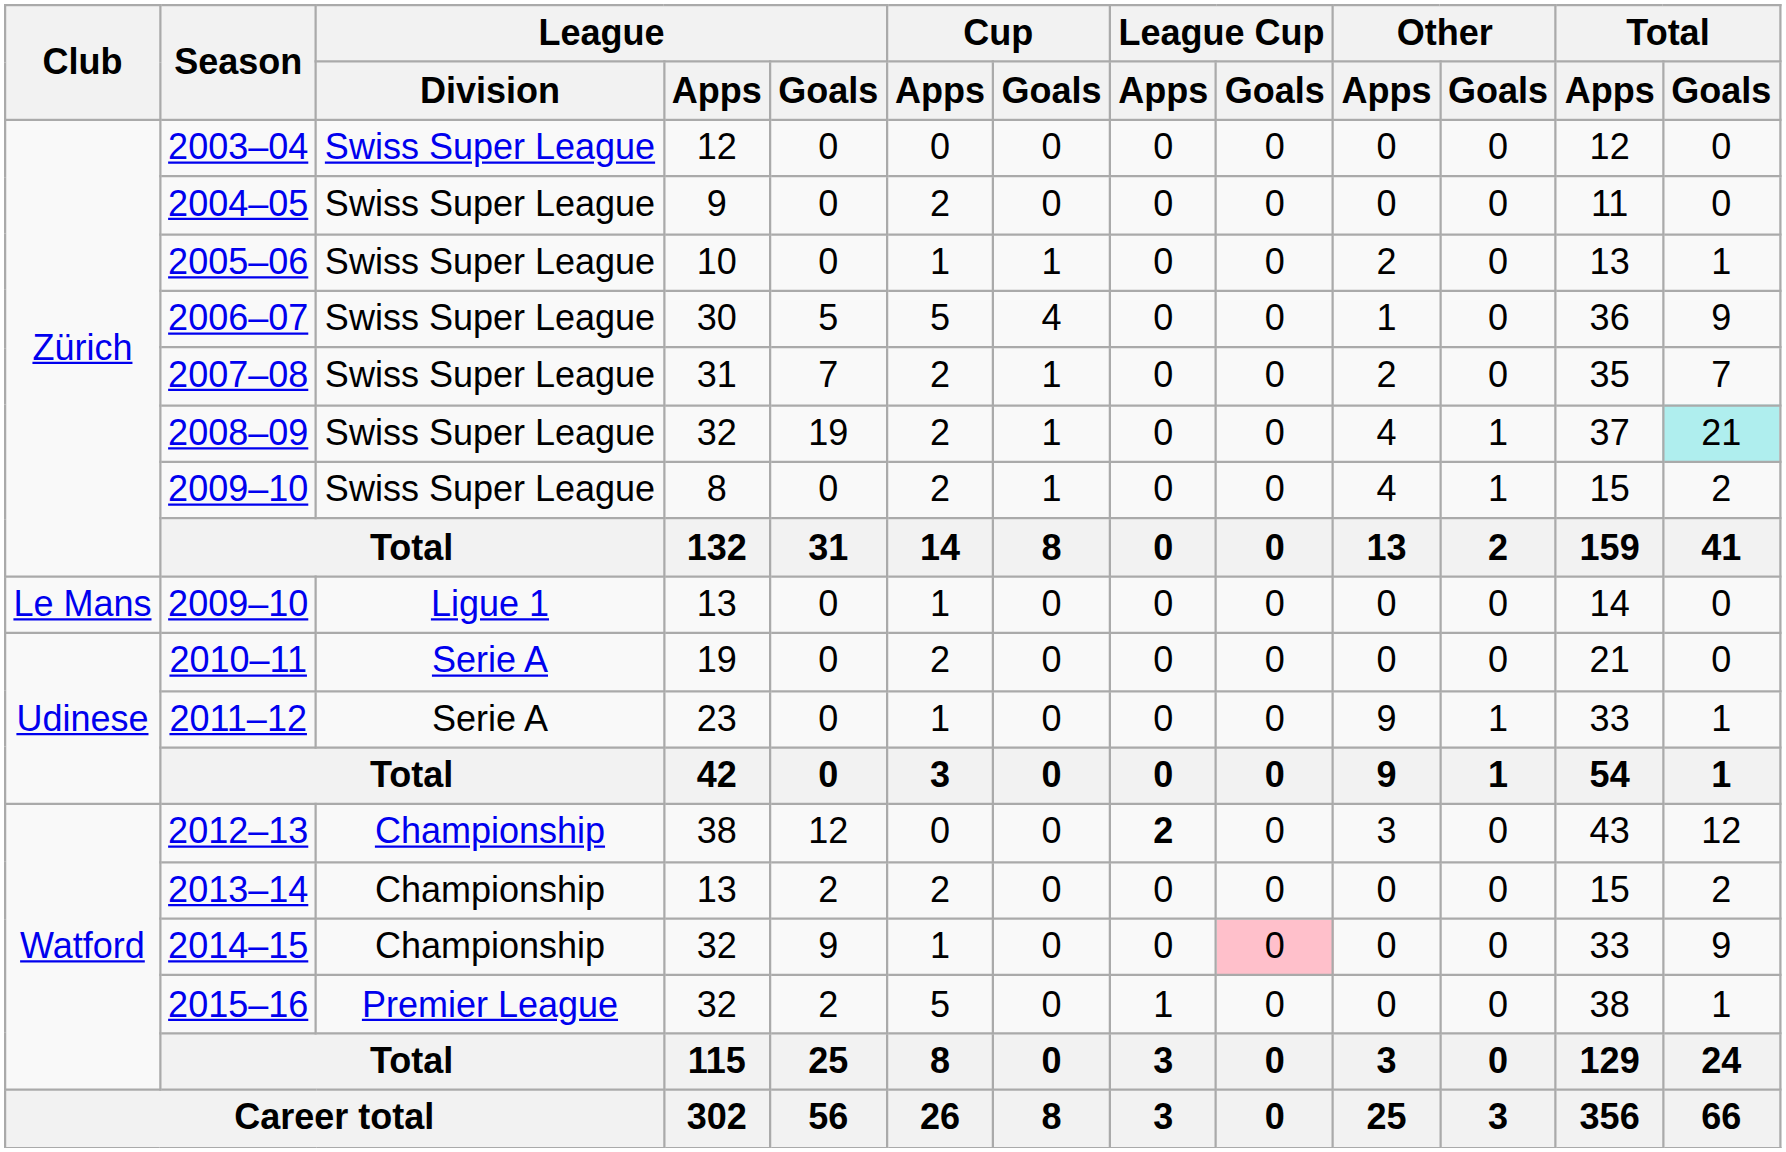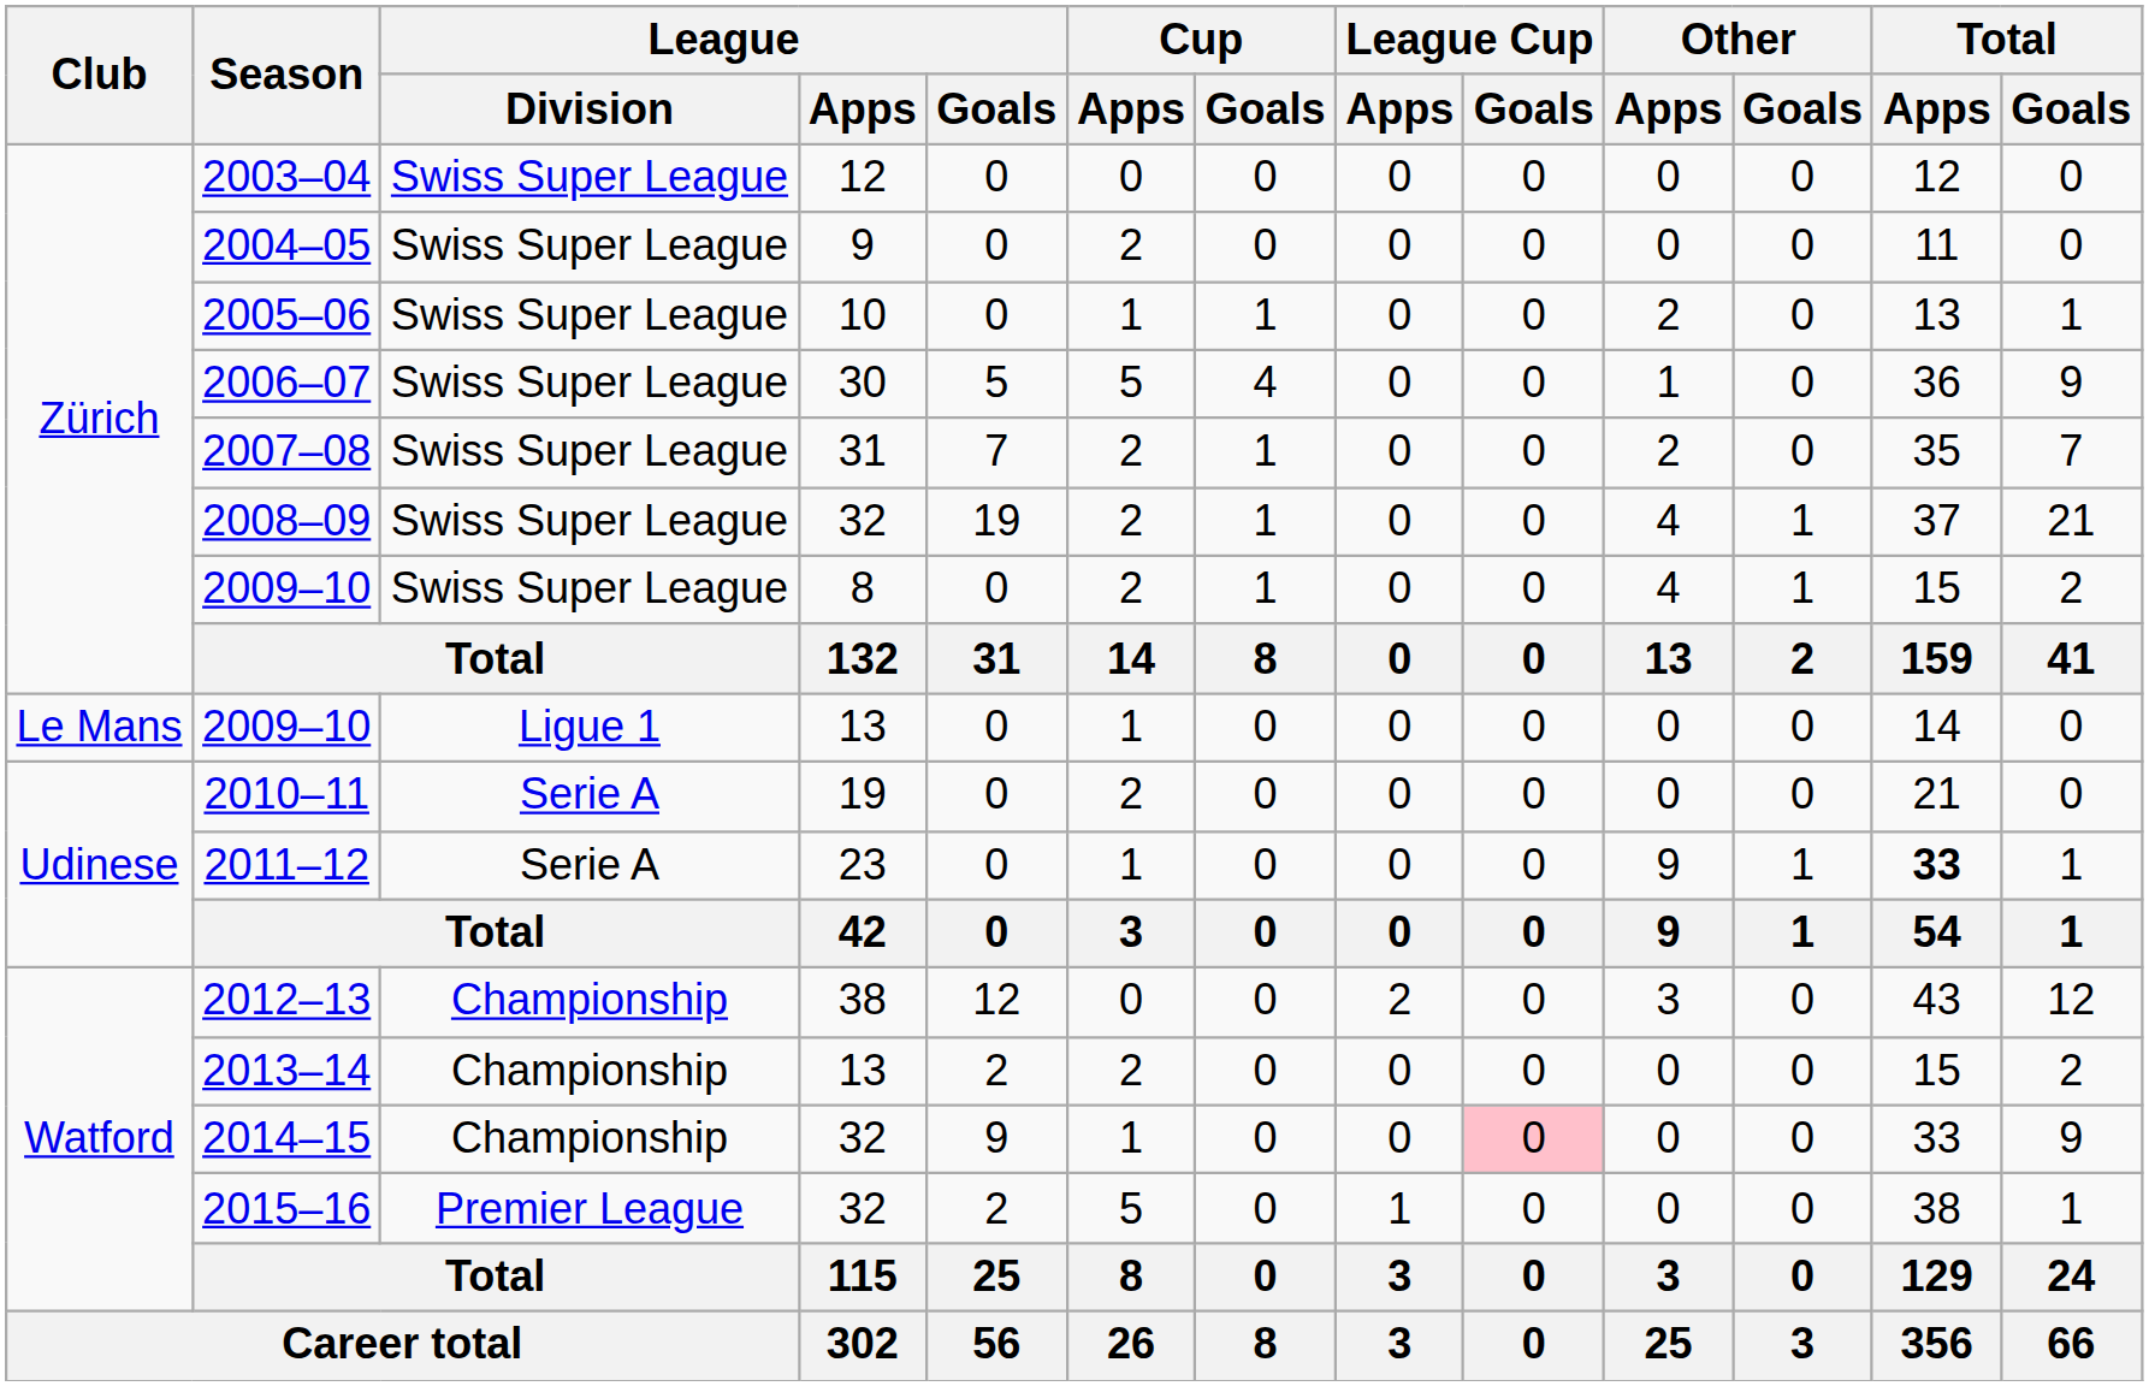 <table class="wikitable" style="text-align: center">
 <tr>
 <th rowspan=2>Club</th>
 <th rowspan=2>Season</th>
 <th colspan=3>League</th>
 <th colspan=2>Cup</th>
 <th colspan=2>League Cup</th>
 <th colspan=2>Other</th>
 <th colspan=2>Total</th>
 </tr>
 <tr>
 <th>Division</th>
 <th>Apps</th>
 <th>Goals</th>
 <th>Apps</th>
 <th>Goals</th>
 <th>Apps</th>
 <th>Goals</th>
 <th>Apps</th>
 <th>Goals</th>
 <th>Apps</th>
 <th>Goals</th>
 </tr>
 <tr>
 <td rowspan=8><a href='#'>Zürich</a></td>
 <td><a href='#'>2003–04</a></td>
 <td><a href='#'>Swiss Super League</a></td>
 <td>12</td>
 <td>0</td>
 <td>0</td>
 <td>0</td>
 <td>0</td>
 <td>0</td>
 <td>0</td>
 <td>0</td>
 <td>12</td>
 <td>0</td>
 </tr>
 <tr>
 <td><a href='#'>2004–05</a></td>
 <td>Swiss Super League</td>
 <td>9</td>
 <td>0</td>
 <td>2</td>
 <td>0</td>
 <td>0</td>
 <td>0</td>
 <td>0</td>
 <td>0</td>
 <td>11</td>
 <td>0</td>
 </tr>
 <tr>
 <td><a href='#'>2005–06</a></td>
 <td>Swiss Super League</td>
 <td>10</td>
 <td>0</td>
 <td>1</td>
 <td>1</td>
 <td>0</td>
 <td>0</td>
 <td>2</td>
 <td>0</td>
 <td>13</td>
 <td>1</td>
 </tr>
 <tr>
 <td><a href='#'>2006–07</a></td>
 <td>Swiss Super League</td>
 <td>30</td>
 <td>5</td>
 <td>5</td>
 <td>4</td>
 <td>0</td>
 <td>0</td>
 <td>1</td>
 <td>0</td>
 <td>36</td>
 <td>9</td>
 </tr>
 <tr>
 <td><a href='#'>2007–08</a></td>
 <td>Swiss Super League</td>
 <td>31</td>
 <td>7</td>
 <td>2</td>
 <td>1</td>
 <td>0</td>
 <td>0</td>
 <td>2</td>
 <td>0</td>
 <td>35</td>
 <td>7</td>
 </tr>
 <tr>
 <td><a href='#'>2008–09</a></td>
 <td>Swiss Super League</td>
 <td>32</td>
 <td>19</td>
 <td>2</td>
 <td>1</td>
 <td>0</td>
 <td>0</td>
 <td>4</td>
 <td>1</td>
 <td>37</td>
-<td style="background: paleturquoise;">21</td>
+<td>21</td>
 </tr>
 <tr>
 <td><a href='#'>2009–10</a></td>
 <td>Swiss Super League</td>
 <td>8</td>
 <td>0</td>
 <td>2</td>
 <td>1</td>
 <td>0</td>
 <td>0</td>
 <td>4</td>
 <td>1</td>
 <td>15</td>
 <td>2</td>
 </tr>
 <tr>
 <th colspan=2>Total</th>
 <th>132</th>
 <th>31</th>
 <th>14</th>
 <th>8</th>
 <th>0</th>
 <th>0</th>
 <th>13</th>
 <th>2</th>
 <th>159</th>
 <th>41</th>
 </tr>
 <tr>
 <td><a href='#'>Le Mans</a></td>
 <td><a href='#'>2009–10</a></td>
 <td><a href='#'>Ligue 1</a></td>
 <td>13</td>
 <td>0</td>
 <td>1</td>
 <td>0</td>
 <td>0</td>
 <td>0</td>
 <td>0</td>
 <td>0</td>
 <td>14</td>
 <td>0</td>
 </tr>
 <tr>
 <td rowspan=3><a href='#'>Udinese</a></td>
 <td><a href='#'>2010–11</a></td>
 <td><a href='#'>Serie A</a></td>
 <td>19</td>
 <td>0</td>
 <td>2</td>
 <td>0</td>
 <td>0</td>
 <td>0</td>
 <td>0</td>
 <td>0</td>
 <td>21</td>
 <td>0</td>
 </tr>
 <tr>
 <td><a href='#'>2011–12</a></td>
 <td>Serie A</td>
 <td>23</td>
 <td>0</td>
 <td>1</td>
 <td>0</td>
 <td>0</td>
 <td>0</td>
 <td>9</td>
 <td>1</td>
-<td>33</td>
+<td><strong>33</strong></td>
 <td>1</td>
 </tr>
 <tr>
 <th colspan=2>Total</th>
 <th>42</th>
 <th>0</th>
 <th>3</th>
 <th>0</th>
 <th>0</th>
 <th>0</th>
 <th>9</th>
 <th>1</th>
 <th>54</th>
 <th>1</th>
 </tr>
 <tr>
 <td rowspan=5><a href='#'>Watford</a></td>
 <td><a href='#'>2012–13</a></td>
 <td><a href='#'>Championship</a></td>
 <td>38</td>
 <td>12</td>
 <td>0</td>
 <td>0</td>
-<td><strong>2</strong></td>
+<td>2</td>
 <td>0</td>
 <td>3</td>
 <td>0</td>
 <td>43</td>
 <td>12</td>
 </tr>
 <tr>
 <td><a href='#'>2013–14</a></td>
 <td>Championship</td>
 <td>13</td>
 <td>2</td>
 <td>2</td>
 <td>0</td>
 <td>0</td>
 <td>0</td>
 <td>0</td>
 <td>0</td>
 <td>15</td>
 <td>2</td>
 </tr>
 <tr>
 <td><a href='#'>2014–15</a></td>
 <td>Championship</td>
 <td>32</td>
 <td>9</td>
 <td>1</td>
 <td>0</td>
 <td>0</td>
 <td style="background: pink;">0</td>
 <td>0</td>
 <td>0</td>
 <td>33</td>
 <td>9</td>
 </tr>
 <tr>
 <td><a href='#'>2015–16</a></td>
 <td><a href='#'>Premier League</a></td>
 <td>32</td>
 <td>2</td>
 <td>5</td>
 <td>0</td>
 <td>1</td>
 <td>0</td>
 <td>0</td>
 <td>0</td>
 <td>38</td>
 <td>1</td>
 </tr>
 <tr>
 <th colspan=2>Total</th>
 <th>115</th>
 <th>25</th>
 <th>8</th>
 <th>0</th>
 <th>3</th>
 <th>0</th>
 <th>3</th>
 <th>0</th>
 <th>129</th>
 <th>24</th>
 </tr>
 <tr>
 <th colspan=3>Career total</th>
 <th>302</th>
 <th>56</th>
 <th>26</th>
 <th>8</th>
 <th>3</th>
 <th>0</th>
 <th>25</th>
 <th>3</th>
 <th>356</th>
 <th>66</th>
 </tr>
 </table>
